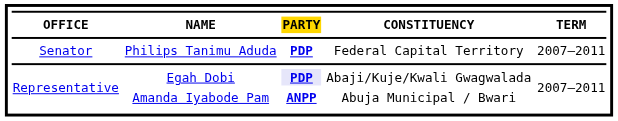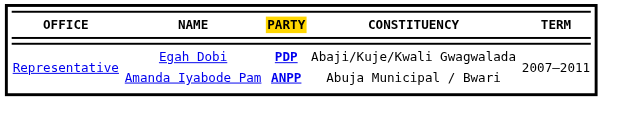 <table cellpadding="1" cellspacing="4" style="margin:3px; border:3px solid #000000; text-align: center;">
 <tr>
 <td colspan="5" bgcolor="#000000"></td>
 </tr>
 <tr>
 <td><strong>OFFICE</strong></td>
 <td><strong>NAME</strong></td>
 <td style="background: gold;"><strong>PARTY</strong></td>
 <td><strong>CONSTITUENCY</strong></td>
 <td><strong>TERM</strong></td>
 </tr>
 <tr>
 <td colspan="5" bgcolor="#000000"></td>
 </tr>
 <tr>
-<td><a href='#'>Senator</a></td>
-<td><a href='#'>Philips Tanimu Aduda</a></td>
-<td><strong><a href='#'>PDP</a></strong></td>
-<td>Federal Capital Territory</td>
-<td>2007–2011</td>
-</tr>
-<tr>
 <td colspan="5" bgcolor="#000000"></td>
 </tr>
 <tr>
 <td rowspan="2"><a href='#'>Representative</a></td>
 <td><a href='#'>Egah Dobi</a></td>
-<td style="background: lavender;"><strong><a href='#'>PDP</a></strong></td>
+<td><strong><a href='#'>PDP</a></strong></td>
 <td>Abaji/Kuje/Kwali Gwagwalada</td>
 <td rowspan="2">2007–2011</td>
 </tr>
 <tr>
 <td><a href='#'>Amanda Iyabode Pam</a></td>
 <td style="background:"><strong><a href='#'>ANPP</a></strong></td>
 <td>Abuja Municipal / Bwari</td>
 </tr>
 <tr>
 </tr>
 </table>
